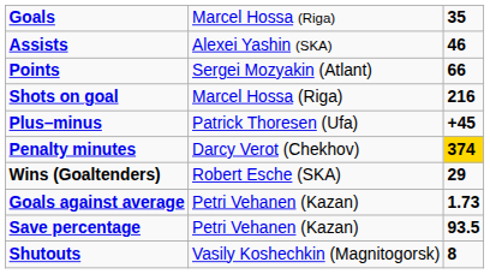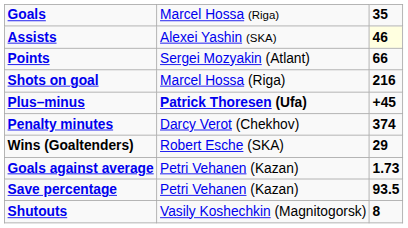 <table class="wikitable" style="text-align:left;">
 <tr>
 <td><strong><a href='#'>Goals</a></strong></td>
 <td> <a href='#'>Marcel Hossa</a> <small>(Riga)</small></td>
 <td><strong>35</strong></td>
 </tr>
 <tr>
 <td><strong><a href='#'>Assists</a></strong></td>
 <td> <a href='#'>Alexei Yashin</a> <small>(SKA)</small></td>
-<td><strong>46</strong></td>
+<td style="background: lightyellow;"><strong>46</strong></td>
 </tr>
 <tr>
 <td><strong><a href='#'>Points</a></strong></td>
 <td> <a href='#'>Sergei Mozyakin</a> (Atlant)<br></td>
 <td><strong>66</strong></td>
 </tr>
 <tr>
 <td><strong><a href='#'>Shots on goal</a></strong></td>
 <td> <a href='#'>Marcel Hossa</a> (Riga)</td>
 <td><strong>216</strong></td>
 </tr>
 <tr>
 <td><strong><a href='#'>Plus–minus</a></strong></td>
-<td> <a href='#'>Patrick Thoresen</a> (Ufa)</td>
+<td><strong> <a href='#'>Patrick Thoresen</a> (Ufa)</strong></td>
 <td><strong>+45</strong></td>
 </tr>
 <tr>
 <td><strong><a href='#'>Penalty minutes</a></strong></td>
 <td> <a href='#'>Darcy Verot</a> (Chekhov)</td>
-<td style="background: gold;"><strong>374</strong></td>
+<td><strong>374</strong></td>
 </tr>
 <tr>
 <td><strong>Wins (Goaltenders)</strong></td>
 <td> <a href='#'>Robert Esche</a> (SKA)</td>
 <td><strong>29</strong></td>
 </tr>
 <tr>
 <td><strong><a href='#'>Goals against average</a></strong></td>
 <td> <a href='#'>Petri Vehanen</a> (Kazan)</td>
 <td><strong>1.73</strong></td>
 </tr>
 <tr>
 <td><strong><a href='#'>Save percentage</a></strong></td>
 <td> <a href='#'>Petri Vehanen</a> (Kazan)</td>
 <td><strong>93.5</strong></td>
 </tr>
 <tr>
 <td><strong><a href='#'>Shutouts</a></strong></td>
 <td> <a href='#'>Vasily Koshechkin</a> (Magnitogorsk)</td>
 <td><strong>8</strong></td>
 </tr>
 </table>
